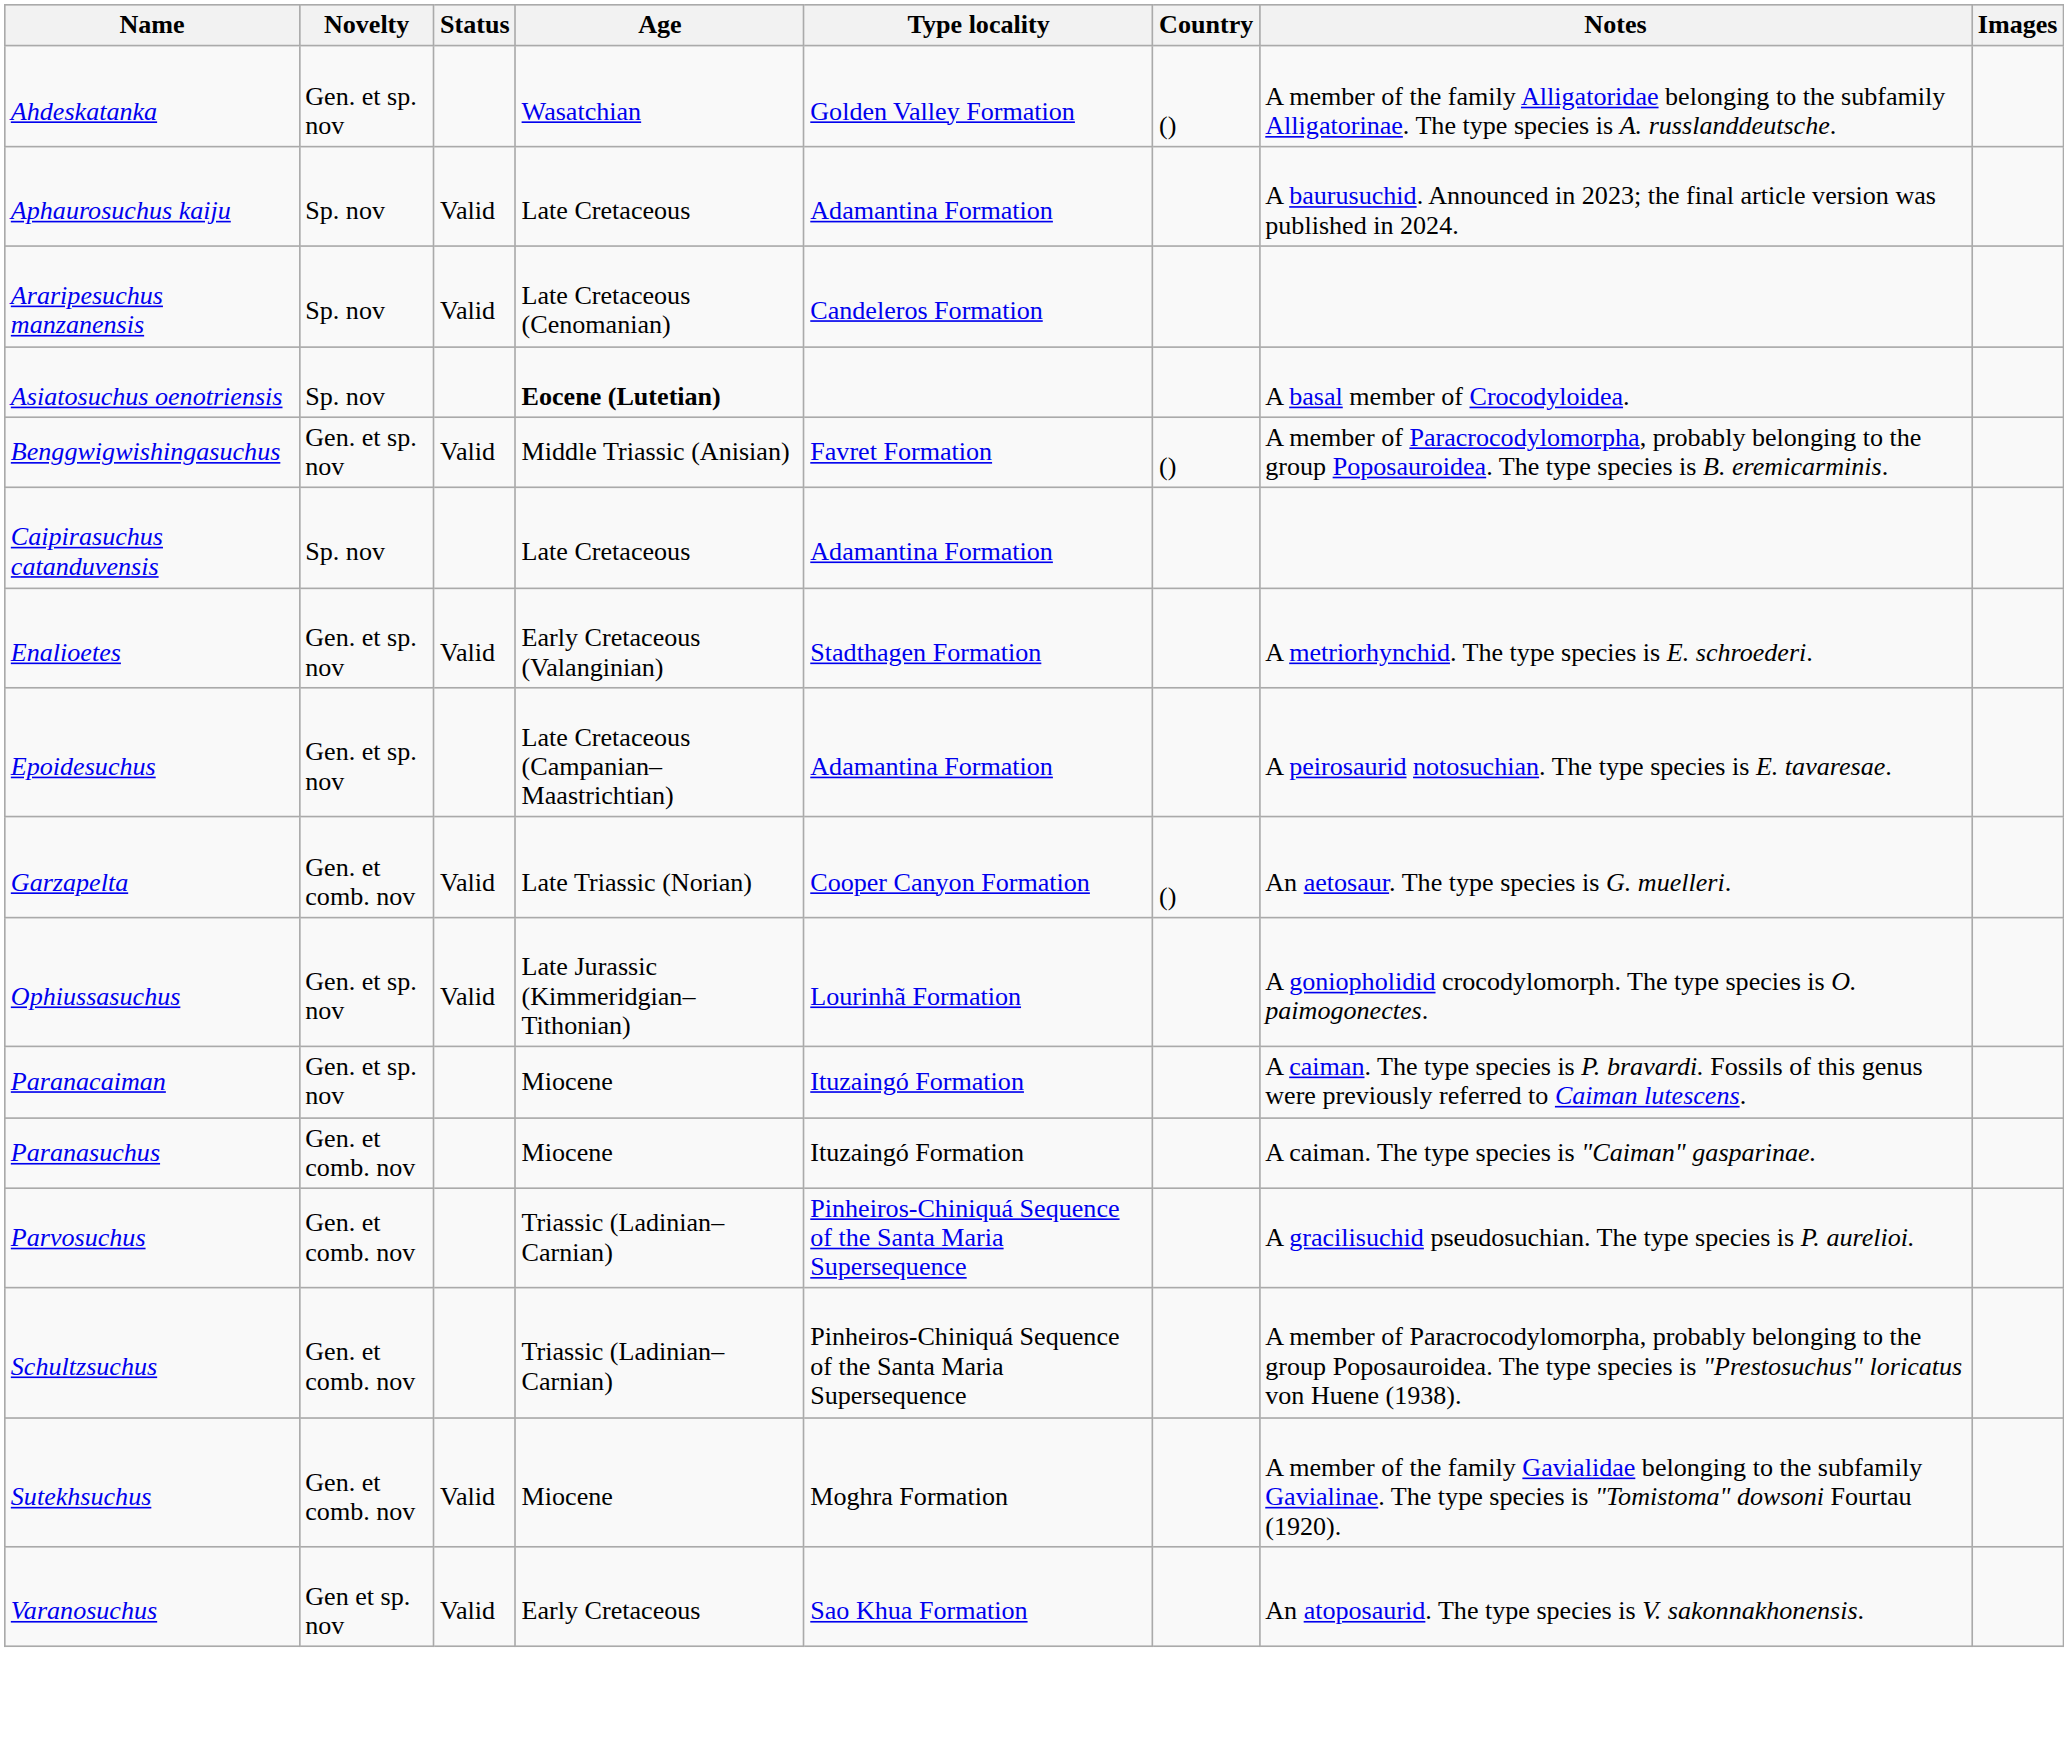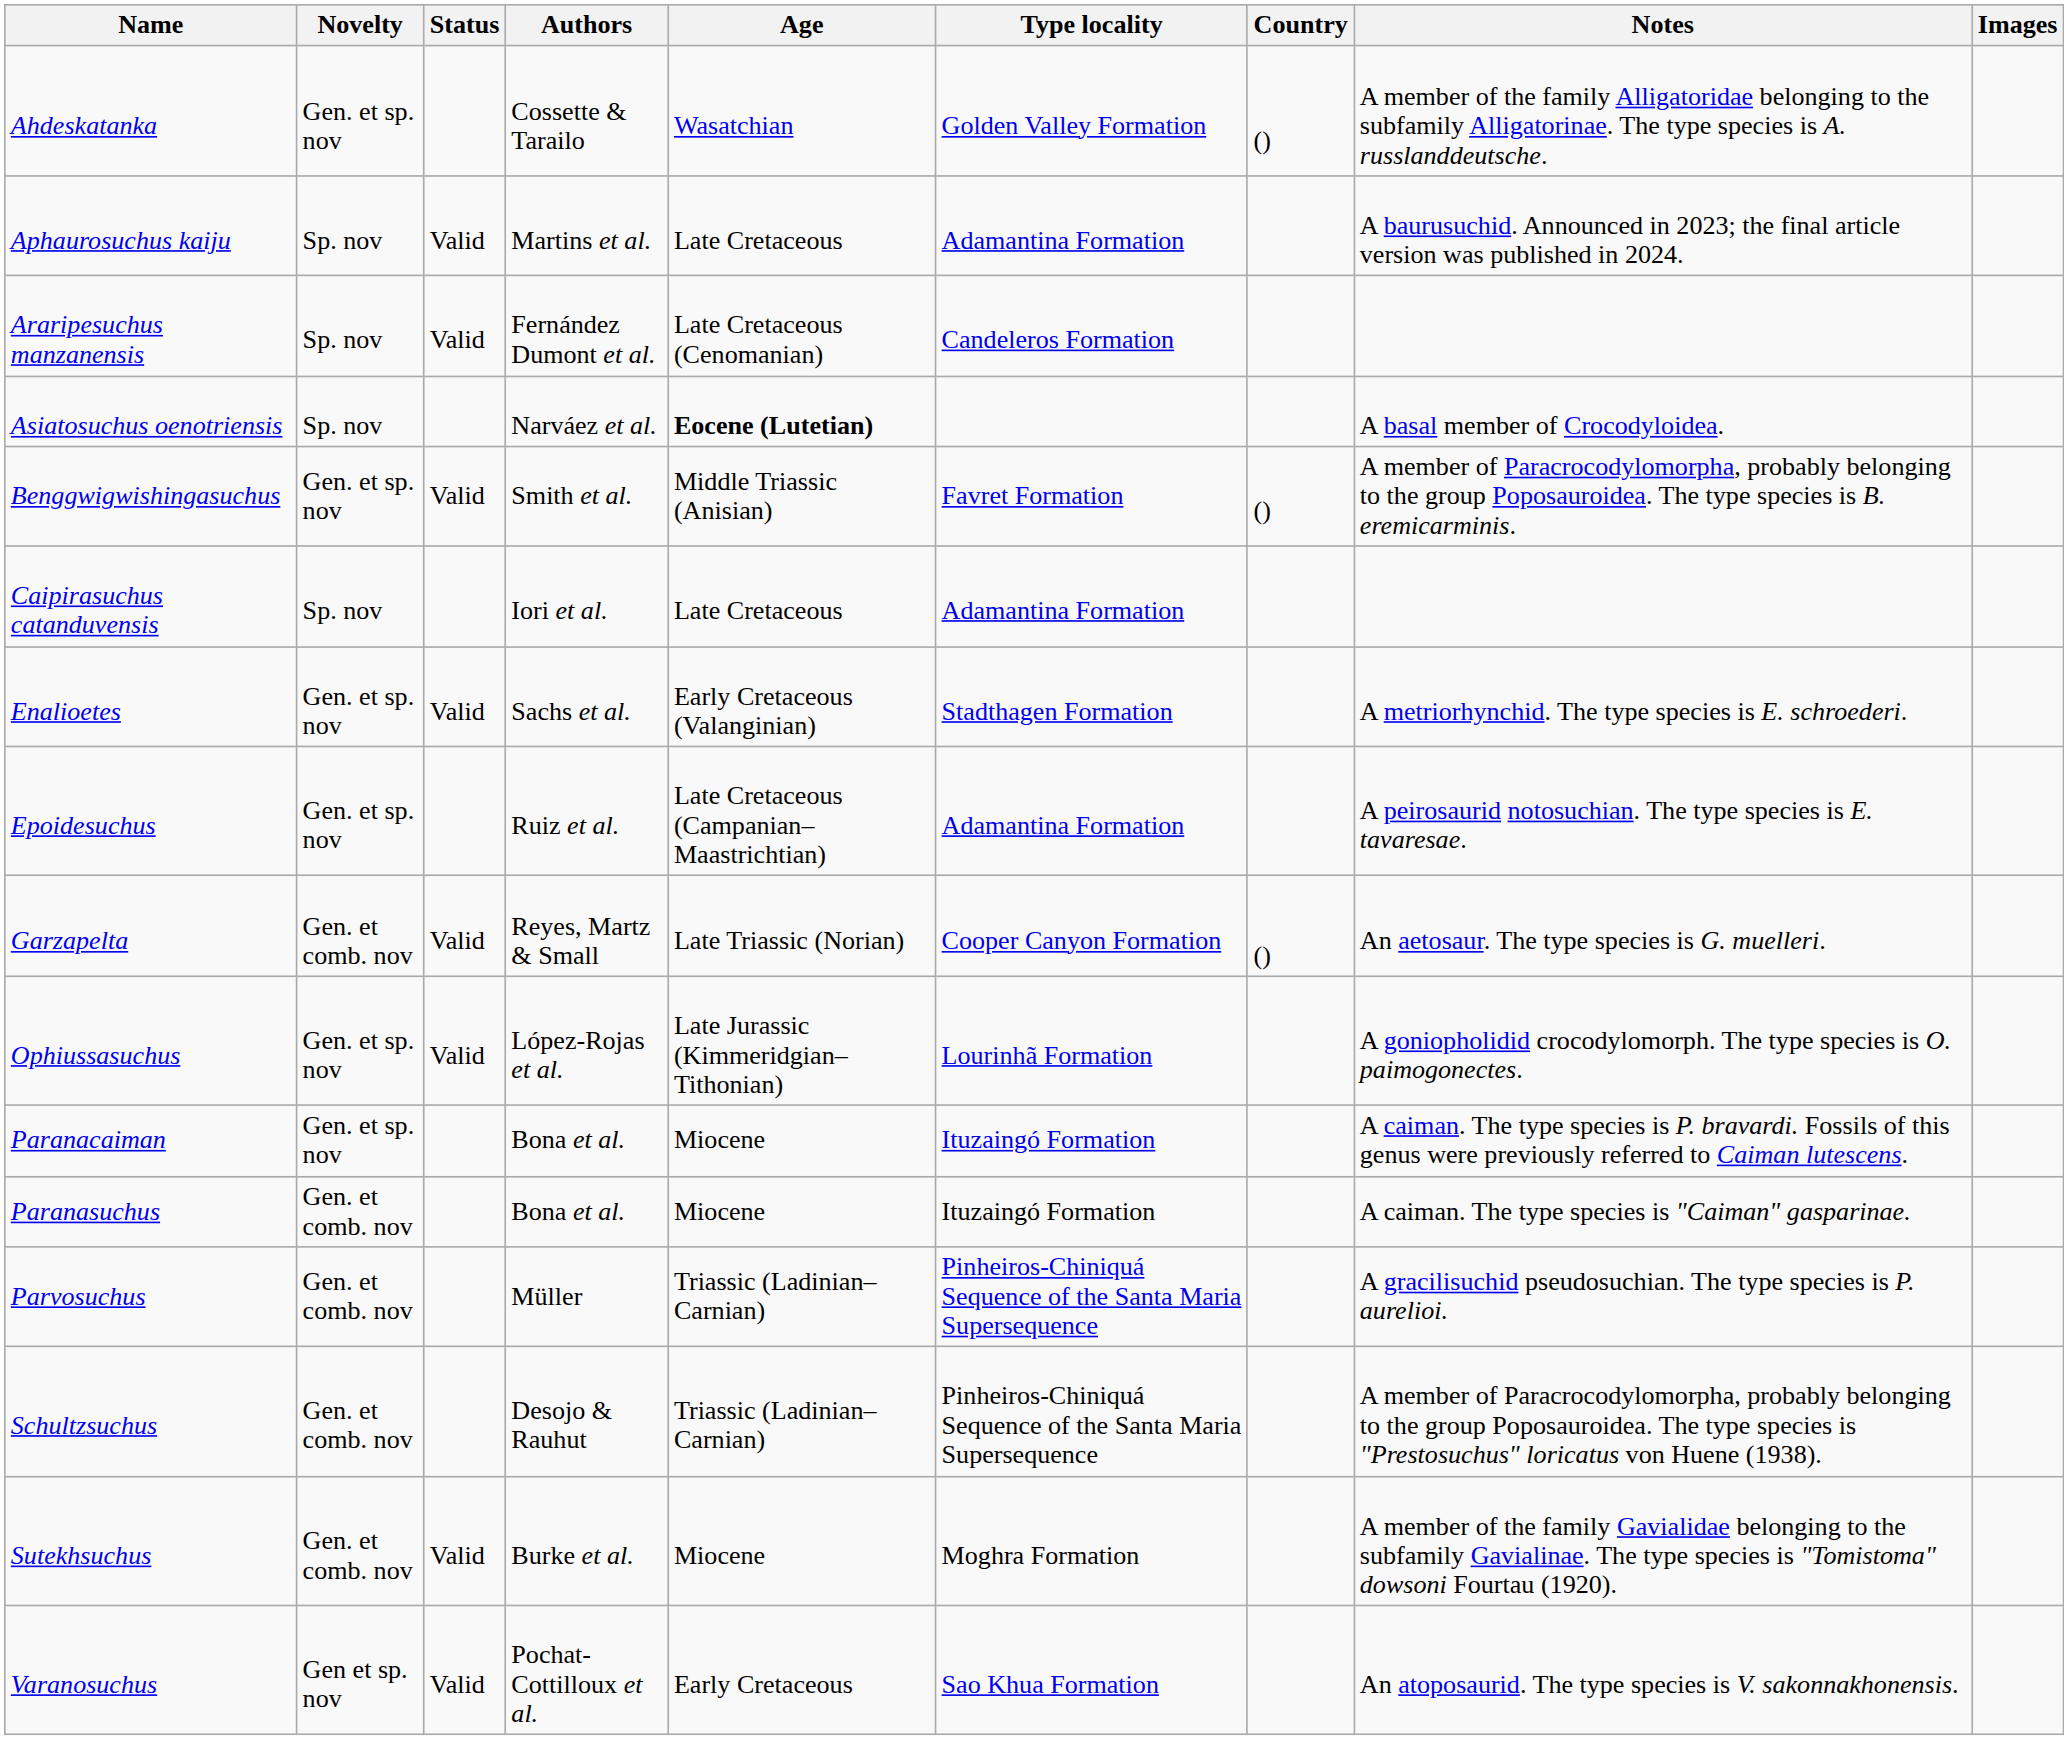 <table class="wikitable sortable" width="100%" align="center">
 <tr>
 <th>Name</th>
 <th>Novelty</th>
 <th>Status</th>
+<th>Authors</th>
 <th>Age</th>
 <th>Type locality</th>
 <th>Country</th>
 <th>Notes</th>
 <th>Images</th>
 </tr>
 <tr>
 <td><br><em><a href='#'>Ahdeskatanka</a></em></td>
 <td><br>Gen. et sp. nov</td>
 <td></td>
+<td><br>Cossette & Tarailo</td>
 <td><br><a href='#'>Wasatchian</a></td>
 <td><br><a href='#'>Golden Valley Formation</a></td>
 <td><br><br>()</td>
 <td><br>A member of the family <a href='#'>Alligatoridae</a> belonging to the subfamily <a href='#'>Alligatorinae</a>. The type species is <em>A. russlanddeutsche</em>.</td>
 <td><br></td>
 </tr>
 <tr>
 <td><br><em><a href='#'>Aphaurosuchus kaiju</a></em></td>
 <td><br>Sp. nov</td>
 <td><br>Valid</td>
+<td><br>Martins <em>et al.</em></td>
 <td><br>Late Cretaceous</td>
 <td><br><a href='#'>Adamantina Formation</a></td>
 <td><br></td>
 <td><br>A <a href='#'>baurusuchid</a>. Announced in 2023; the final article version was published in 2024.</td>
 <td></td>
 </tr>
 <tr>
 <td><br><em><a href='#'>Araripesuchus manzanensis</a></em></td>
 <td><br>Sp. nov</td>
 <td><br>Valid</td>
+<td><br>Fernández Dumont <em>et al.</em></td>
 <td><br>Late Cretaceous (Cenomanian)</td>
 <td><br><a href='#'>Candeleros Formation</a></td>
 <td><br></td>
 <td></td>
 <td></td>
 </tr>
 <tr>
 <td><br><em><a href='#'>Asiatosuchus oenotriensis</a></em></td>
 <td><br>Sp. nov</td>
 <td></td>
+<td><br>Narváez <em>et al.</em></td>
 <td><strong><br>Eocene (Lutetian)</strong></td>
 <td></td>
 <td><br></td>
 <td><br>A <a href='#'>basal</a> member of <a href='#'>Crocodyloidea</a>.</td>
 <td></td>
 </tr>
 <tr>
 <td><em><a href='#'>Benggwigwishingasuchus</a></em></td>
 <td>Gen. et sp. nov</td>
 <td>Valid</td>
+<td>Smith <em>et al.</em></td>
 <td>Middle Triassic (Anisian)</td>
 <td><a href='#'>Favret Formation</a></td>
 <td><br>()</td>
 <td>A member of <a href='#'>Paracrocodylomorpha</a>, probably belonging to the group <a href='#'>Poposauroidea</a>. The type species is <em>B. eremicarminis</em>.</td>
 <td></td>
 </tr>
 <tr>
 <td><br><em><a href='#'>Caipirasuchus catanduvensis</a></em></td>
 <td><br>Sp. nov</td>
 <td></td>
+<td><br>Iori <em>et al.</em></td>
 <td><br>Late Cretaceous</td>
 <td><br><a href='#'>Adamantina Formation</a></td>
 <td><br></td>
 <td></td>
 <td></td>
 </tr>
 <tr>
 <td><br><em><a href='#'>Enalioetes</a></em></td>
 <td><br>Gen. et sp. nov</td>
 <td><br>Valid</td>
+<td><br>Sachs <em>et al.</em></td>
 <td><br>Early Cretaceous (Valanginian)</td>
 <td><br><a href='#'>Stadthagen Formation</a></td>
 <td><br></td>
 <td><br>A <a href='#'>metriorhynchid</a>. The type species is <em>E. schroederi</em>.</td>
 <td></td>
 </tr>
 <tr>
 <td><br><em><a href='#'>Epoidesuchus</a></em></td>
 <td><br>Gen. et sp. nov</td>
 <td></td>
+<td><br>Ruiz <em>et al.</em></td>
 <td><br>Late Cretaceous (Campanian–Maastrichtian)</td>
 <td><br><a href='#'>Adamantina Formation</a></td>
 <td><br></td>
 <td><br>A <a href='#'>peirosaurid</a> <a href='#'>notosuchian</a>. The type species is <em>E. tavaresae</em>.</td>
 <td></td>
 </tr>
 <tr>
 <td><br><em><a href='#'>Garzapelta</a></em></td>
 <td><br>Gen. et comb. nov</td>
 <td><br>Valid</td>
+<td><br>Reyes, Martz & Small</td>
 <td><br>Late Triassic (Norian)</td>
 <td><br><a href='#'>Cooper Canyon Formation</a></td>
 <td><br><br>()</td>
 <td><br>An <a href='#'>aetosaur</a>. The type species is <em>G. muelleri</em>.</td>
 <td></td>
 </tr>
 <tr>
 <td><br><em><a href='#'>Ophiussasuchus</a></em></td>
 <td><br>Gen. et sp. nov</td>
 <td><br>Valid</td>
+<td><br>López-Rojas <em>et al.</em></td>
 <td><br>Late Jurassic (Kimmeridgian–Tithonian)</td>
 <td><br><a href='#'>Lourinhã Formation</a></td>
 <td><br></td>
 <td><br>A <a href='#'>goniopholidid</a> crocodylomorph. The type species is <em>O. paimogonectes</em>.</td>
 <td></td>
 </tr>
 <tr>
 <td><em><a href='#'>Paranacaiman</a></em></td>
 <td>Gen. et sp. nov</td>
 <td></td>
+<td>Bona <em>et al.</em></td>
 <td>Miocene</td>
 <td><a href='#'>Ituzaingó Formation</a></td>
 <td></td>
 <td>A <a href='#'>caiman</a>. The type species is <em>P. bravardi.</em> Fossils of this genus were previously referred to <em><a href='#'>Caiman lutescens</a></em>.</td>
 <td></td>
 </tr>
 <tr>
 <td><em><a href='#'>Paranasuchus</a></em></td>
 <td>Gen. et comb. nov</td>
 <td></td>
+<td>Bona <em>et al.</em></td>
 <td>Miocene</td>
 <td>Ituzaingó Formation</td>
 <td></td>
 <td>A caiman. The type species is <em>"Caiman" gasparinae.</em></td>
 <td></td>
 </tr>
 <tr>
 <td><em><a href='#'>Parvosuchus</a></em></td>
 <td>Gen. et comb. nov</td>
 <td></td>
+<td>Müller</td>
 <td>Triassic (Ladinian–Carnian)</td>
 <td><a href='#'>Pinheiros-Chiniquá Sequence of the Santa Maria Supersequence</a></td>
 <td></td>
 <td>A <a href='#'>gracilisuchid</a> pseudosuchian. The type species is <em>P. aurelioi.</em></td>
 <td></td>
 </tr>
 <tr>
 <td><br><em><a href='#'>Schultzsuchus</a></em></td>
 <td><br>Gen. et comb. nov</td>
 <td></td>
+<td><br>Desojo & Rauhut</td>
 <td><br>Triassic (Ladinian–Carnian)</td>
 <td><br>Pinheiros-Chiniquá Sequence of the Santa Maria Supersequence</td>
 <td><br></td>
 <td><br>A member of Paracrocodylomorpha, probably belonging to the group Poposauroidea. The type species is <em>"Prestosuchus" loricatus</em> von Huene (1938).</td>
 <td></td>
 </tr>
 <tr>
 <td><br><em><a href='#'>Sutekhsuchus</a></em></td>
 <td><br>Gen. et comb. nov</td>
 <td><br>Valid</td>
+<td><br>Burke <em>et al.</em></td>
 <td><br>Miocene</td>
 <td><br>Moghra Formation</td>
 <td><br><br> </td>
 <td><br>A member of the family <a href='#'>Gavialidae</a> belonging to the subfamily <a href='#'>Gavialinae</a>. The type species is <em>"Tomistoma" dowsoni</em> Fourtau (1920).</td>
 <td><br></td>
 </tr>
 <tr>
 <td><br><em><a href='#'>Varanosuchus</a></em></td>
 <td><br>Gen et sp. nov</td>
 <td><br>Valid</td>
+<td><br>Pochat-Cottilloux <em>et al.</em></td>
 <td><br>Early Cretaceous</td>
 <td><br><a href='#'>Sao Khua Formation</a></td>
 <td><br></td>
 <td><br>An <a href='#'>atoposaurid</a>. The type species is <em>V. sakonnakhonensis</em>.</td>
 <td></td>
 </tr>
 </table>
